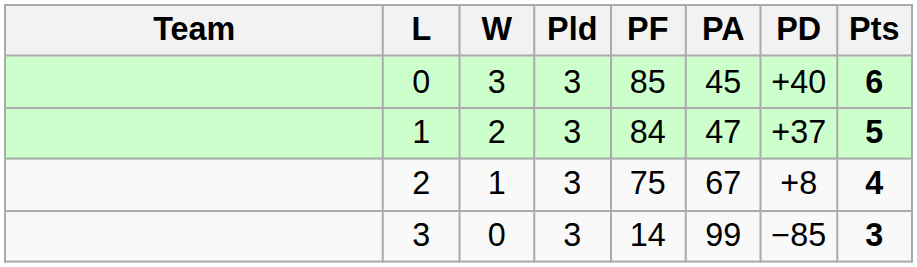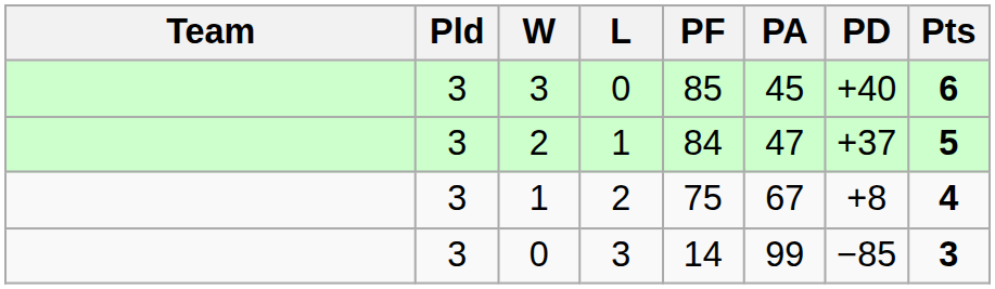 <table class=wikitable style="text-align:center">
 <tr>
 <th width=180>Team</th>
+<th width=30>Pld</th>
+<th width=30>W</th>
 <th width=30>L</th>
-<th width=30>W</th>
-<th width=30>Pld</th>
 <th width=30>PF</th>
 <th width=30>PA</th>
 <th width=30>PD</th>
 <th width=30>Pts</th>
 </tr>
 <tr bgcolor="#ccffcc">
 <td align=left></td>
-<td>0</td>
 <td>3</td>
 <td>3</td>
+<td>0</td>
 <td>85</td>
 <td>45</td>
 <td>+40</td>
 <td><strong>6</strong></td>
 </tr>
 <tr bgcolor="#ccffcc">
 <td align=left></td>
+<td>3</td>
+<td>2</td>
 <td>1</td>
-<td>2</td>
-<td>3</td>
 <td>84</td>
 <td>47</td>
 <td>+37</td>
 <td><strong>5</strong></td>
 </tr>
 <tr>
 <td align=left></td>
+<td>3</td>
+<td>1</td>
 <td>2</td>
-<td>1</td>
-<td>3</td>
 <td>75</td>
 <td>67</td>
 <td>+8</td>
 <td><strong>4</strong></td>
 </tr>
 <tr>
 <td align=left></td>
 <td>3</td>
 <td>0</td>
 <td>3</td>
 <td>14</td>
 <td>99</td>
 <td>−85</td>
 <td><strong>3</strong></td>
 </tr>
 </table>
